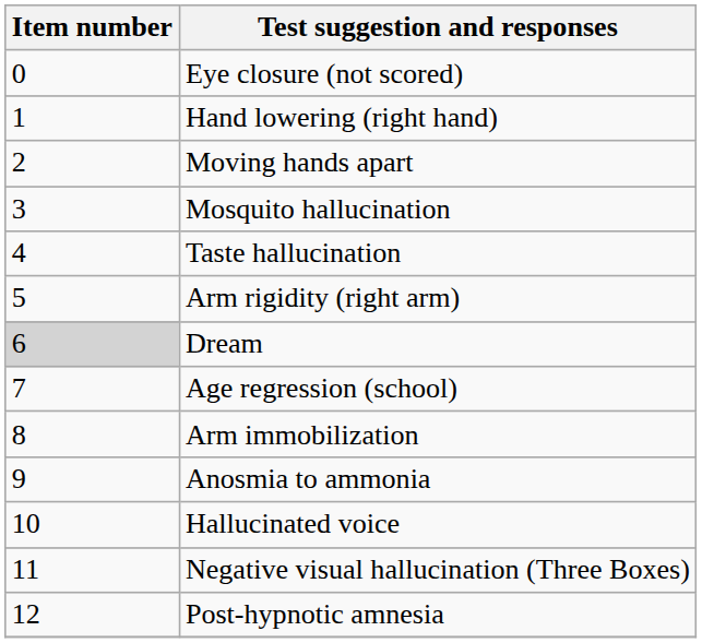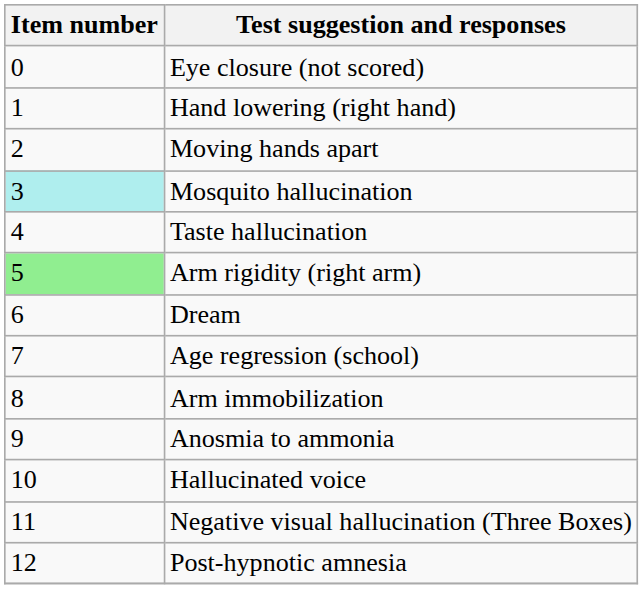 <table class="wikitable">
 <tr>
 <th>Item number</th>
 <th>Test suggestion and responses</th>
 </tr>
 <tr>
 <td>0</td>
 <td>Eye closure (not scored)</td>
 </tr>
 <tr>
 <td>1</td>
 <td>Hand lowering (right hand)</td>
 </tr>
 <tr>
 <td>2</td>
 <td>Moving hands apart</td>
 </tr>
 <tr>
-<td>3</td>
+<td style="background: paleturquoise;">3</td>
 <td>Mosquito hallucination</td>
 </tr>
 <tr>
 <td>4</td>
 <td>Taste hallucination</td>
 </tr>
 <tr>
-<td>5</td>
+<td style="background: lightgreen;">5</td>
 <td>Arm rigidity (right arm)</td>
 </tr>
 <tr>
-<td style="background: lightgrey;">6</td>
+<td>6</td>
 <td>Dream</td>
 </tr>
 <tr>
 <td>7</td>
 <td>Age regression (school)</td>
 </tr>
 <tr>
 <td>8</td>
 <td>Arm immobilization</td>
 </tr>
 <tr>
 <td>9</td>
 <td>Anosmia to ammonia</td>
 </tr>
 <tr>
 <td>10</td>
 <td>Hallucinated voice</td>
 </tr>
 <tr>
 <td>11</td>
 <td>Negative visual hallucination (Three Boxes)</td>
 </tr>
 <tr>
 <td>12</td>
 <td>Post-hypnotic amnesia</td>
 </tr>
 <tr>
 </tr>
 </table>
